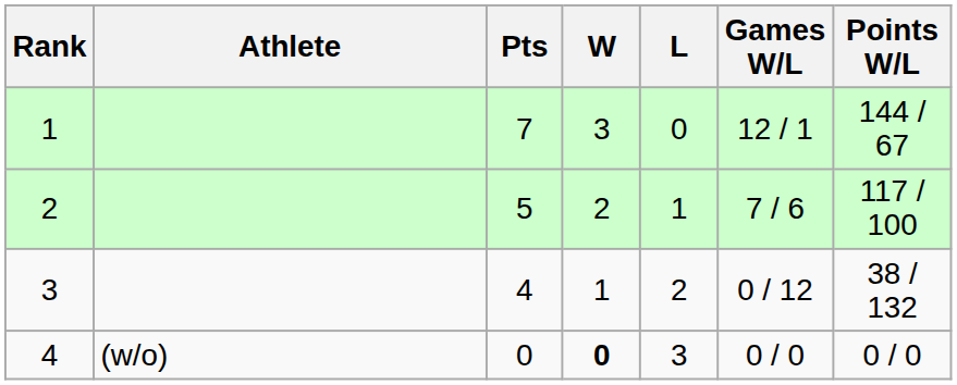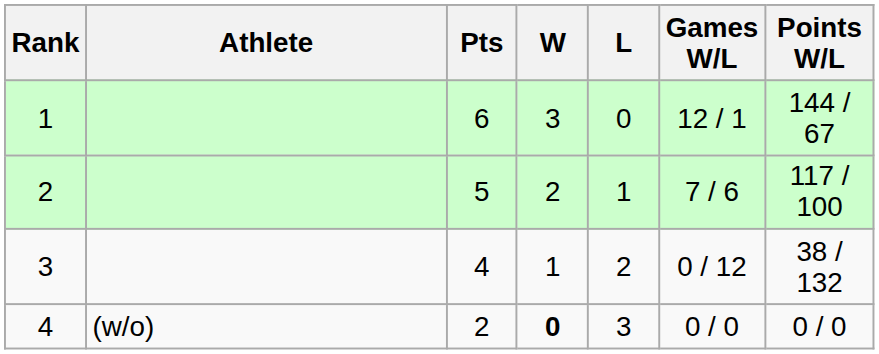 <table class="wikitable" style="text-align: center; font-size:90% ">
 <tr>
 <th width="20">Rank</th>
 <th width="180">Athlete</th>
 <th width="30">Pts</th>
 <th width="30">W</th>
 <th width="30">L</th>
 <th width="40">Games<br>W/L</th>
 <th width="50">Points<br>W/L</th>
 </tr>
 <tr bgcolor=#ccffcc>
 <td>1</td>
 <td align=left></td>
-<td>7</td>
+<td>6</td>
 <td>3</td>
 <td>0</td>
 <td>12 / 1</td>
 <td>144 / 67</td>
 </tr>
 <tr bgcolor=#ccffcc>
 <td>2</td>
 <td align=left></td>
 <td>5</td>
 <td>2</td>
 <td>1</td>
 <td>7 / 6</td>
 <td>117 / 100</td>
 </tr>
 <tr>
 <td>3</td>
 <td align=left></td>
 <td>4</td>
 <td>1</td>
 <td>2</td>
 <td>0 / 12</td>
 <td>38 / 132</td>
 </tr>
 <tr>
 <td>4</td>
 <td align=left> (w/o)</td>
-<td>0</td>
+<td>2</td>
 <td><strong>0</strong></td>
 <td>3</td>
 <td>0 / 0</td>
 <td>0 / 0</td>
 </tr>
 </table>
